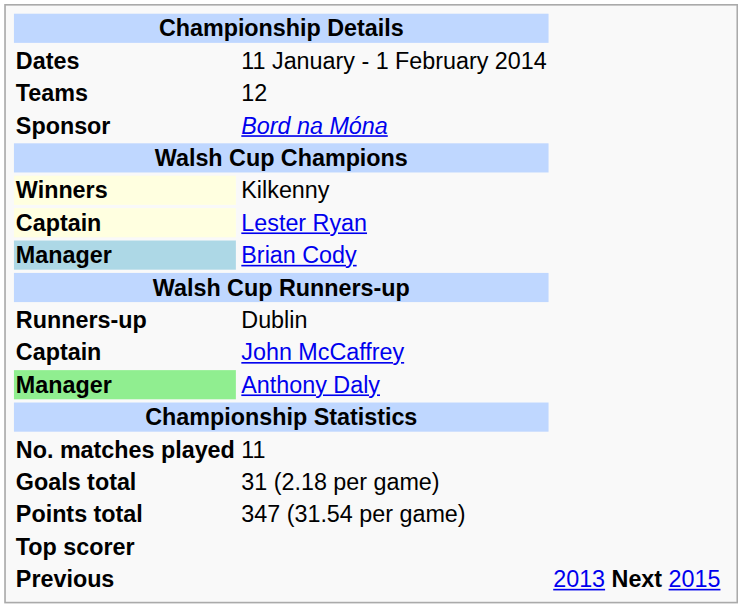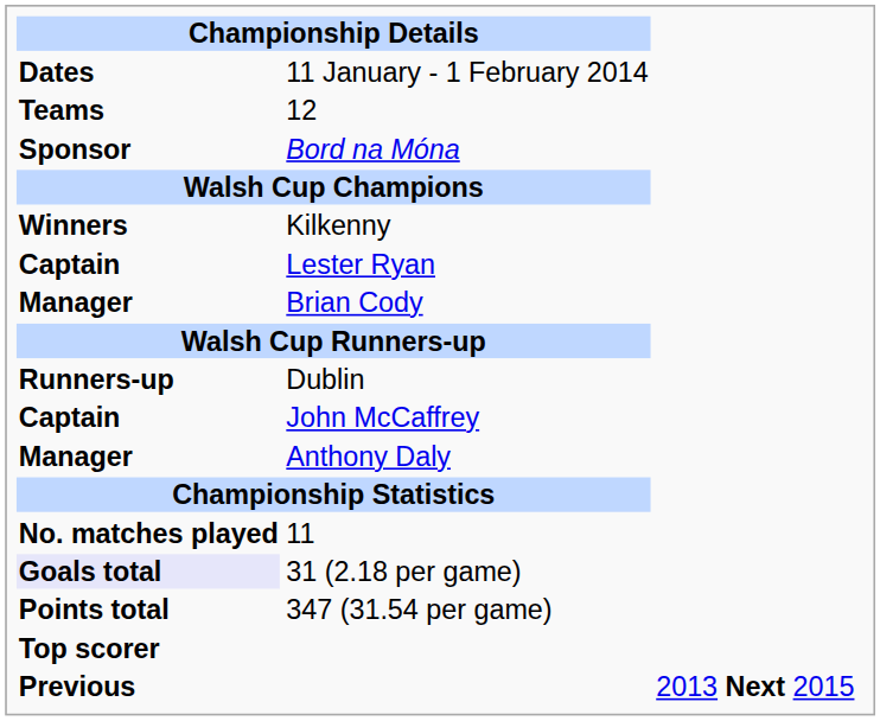 <table class="infobox" style="font-size: 90%;">
 <tr>
 <th style="background: #BFD7FF; text-align: center" colspan="3">Championship Details</th>
 </tr>
 <tr>
 <td><strong>Dates</strong></td>
 <td colspan="2">11 January - 1 February 2014</td>
 </tr>
 <tr>
 <td><strong>Teams</strong></td>
 <td colspan="2">12</td>
 </tr>
 <tr>
 <td><strong>Sponsor</strong></td>
 <td colspan="2"><em><a href='#'>Bord na Móna</a></em></td>
 </tr>
 <tr>
 <th style="background: #BFD7FF; text-align: center" colspan="3">Walsh Cup Champions</th>
 </tr>
 <tr>
-<td style="background: lightyellow;"><strong>Winners</strong></td>
+<td><strong>Winners</strong></td>
 <td colspan="2">Kilkenny</td>
 </tr>
 <tr>
-<td style="background: lightyellow;"><strong>Captain</strong></td>
+<td><strong>Captain</strong></td>
 <td colspan="2"><a href='#'>Lester Ryan</a></td>
 </tr>
 <tr>
-<td style="background: lightblue;"><strong>Manager</strong></td>
+<td><strong>Manager</strong></td>
 <td colspan="2"><a href='#'>Brian Cody</a></td>
 </tr>
 <tr>
 <th style="background: #BFD7FF; text-align: center" colspan="3">Walsh Cup Runners-up</th>
 </tr>
 <tr>
 <td><strong>Runners-up</strong></td>
 <td colspan="2">Dublin</td>
 </tr>
 <tr>
 <td><strong>Captain</strong></td>
 <td colspan="2"><a href='#'>John McCaffrey</a></td>
 </tr>
 <tr>
-<td style="background: lightgreen;"><strong>Manager</strong></td>
+<td><strong>Manager</strong></td>
 <td colspan="2"><a href='#'>Anthony Daly</a></td>
 </tr>
 <tr>
 <th style="background: #BFD7FF; text-align: center" colspan="3">Championship Statistics</th>
 </tr>
 <tr>
 <td><strong>No. matches played</strong></td>
 <td colspan="2">11</td>
 </tr>
 <tr>
-<td><strong>Goals total</strong></td>
+<td style="background: lavender;"><strong>Goals total</strong></td>
 <td colspan="2">31 (2.18 per game)</td>
 </tr>
 <tr>
 <td><strong>Points total</strong></td>
 <td colspan="2">347 (31.54 per game)</td>
 </tr>
 <tr>
 <td><strong>Top scorer</strong></td>
 <td colspan="2"></td>
 </tr>
 <tr>
 <td><strong>Previous</strong></td>
 <td colspan="2"></td>
 <td><a href='#'>2013</a></td>
 <td><strong>Next</strong></td>
 <td><a href='#'>2015</a></td>
 <td colspan="2"></td>
 </tr>
 </table>
